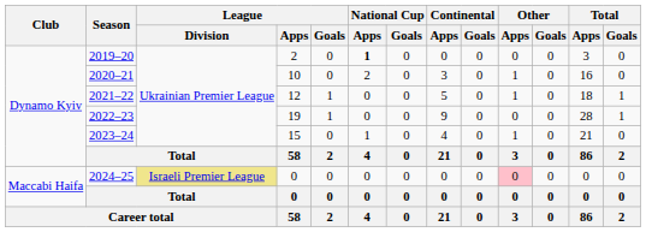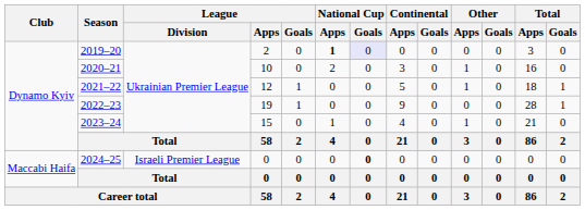 <table class="wikitable" style="text-align:center">
 <tr>
 <th rowspan="2">Club</th>
 <th rowspan="2">Season</th>
 <th colspan="3">League</th>
 <th colspan="2">National Cup</th>
 <th colspan="2">Continental</th>
 <th colspan="2">Other</th>
 <th colspan="2">Total</th>
 </tr>
 <tr>
 <th>Division</th>
 <th>Apps</th>
 <th>Goals</th>
 <th>Apps</th>
 <th>Goals</th>
 <th>Apps</th>
 <th>Goals</th>
 <th>Apps</th>
 <th>Goals</th>
 <th>Apps</th>
 <th>Goals</th>
 </tr>
 <tr>
 <td rowspan="6"><a href='#'>Dynamo Kyiv</a></td>
 <td><a href='#'>2019–20</a></td>
 <td rowspan="5"><a href='#'>Ukrainian Premier League</a></td>
 <td>2</td>
 <td>0</td>
 <td><strong>1</strong></td>
-<td>0</td>
+<td style="background: lavender;">0</td>
 <td>0</td>
 <td>0</td>
 <td>0</td>
 <td>0</td>
 <td>3</td>
 <td>0</td>
 </tr>
 <tr>
 <td><a href='#'>2020–21</a></td>
 <td>10</td>
 <td>0</td>
 <td>2</td>
 <td>0</td>
 <td>3</td>
 <td>0</td>
 <td>1</td>
 <td>0</td>
 <td>16</td>
 <td>0</td>
 </tr>
 <tr>
 <td><a href='#'>2021–22</a></td>
 <td>12</td>
 <td>1</td>
 <td>0</td>
 <td>0</td>
 <td>5</td>
 <td>0</td>
 <td>1</td>
 <td>0</td>
 <td>18</td>
 <td>1</td>
 </tr>
 <tr>
 <td><a href='#'>2022–23</a></td>
 <td>19</td>
 <td>1</td>
 <td>0</td>
 <td>0</td>
 <td>9</td>
 <td>0</td>
 <td>0</td>
 <td>0</td>
 <td>28</td>
 <td>1</td>
 </tr>
 <tr>
 <td><a href='#'>2023–24</a></td>
 <td>15</td>
 <td>0</td>
 <td>1</td>
 <td>0</td>
 <td>4</td>
 <td>0</td>
 <td>1</td>
 <td>0</td>
 <td>21</td>
 <td>0</td>
 </tr>
 <tr>
 <th colspan="2">Total</th>
 <th>58</th>
 <th>2</th>
 <th>4</th>
 <th>0</th>
 <th>21</th>
 <th>0</th>
 <th>3</th>
 <th>0</th>
 <th>86</th>
 <th>2</th>
 </tr>
 <tr>
 <td rowspan="2"><a href='#'>Maccabi Haifa</a></td>
 <td><a href='#'>2024–25</a></td>
-<td rowspan="1" style="background: khaki;"><a href='#'>Israeli Premier League</a></td>
+<td rowspan="1"><a href='#'>Israeli Premier League</a></td>
 <td>0</td>
 <td>0</td>
 <td>0</td>
+<td><strong>0</strong></td>
 <td>0</td>
 <td>0</td>
 <td>0</td>
-<td style="background: pink;">0</td>
 <td>0</td>
 <td>0</td>
 <td>0</td>
 </tr>
 <tr>
 <th colspan="2">Total</th>
 <th>0</th>
 <th>0</th>
 <th>0</th>
 <th>0</th>
 <th>0</th>
 <th>0</th>
 <th>0</th>
 <th>0</th>
 <th>0</th>
 <th>0</th>
 </tr>
 <tr>
 <th colspan="3">Career total</th>
 <th>58</th>
 <th>2</th>
 <th>4</th>
 <th>0</th>
 <th>21</th>
 <th>0</th>
 <th>3</th>
 <th>0</th>
 <th>86</th>
 <th>2</th>
 </tr>
 </table>
